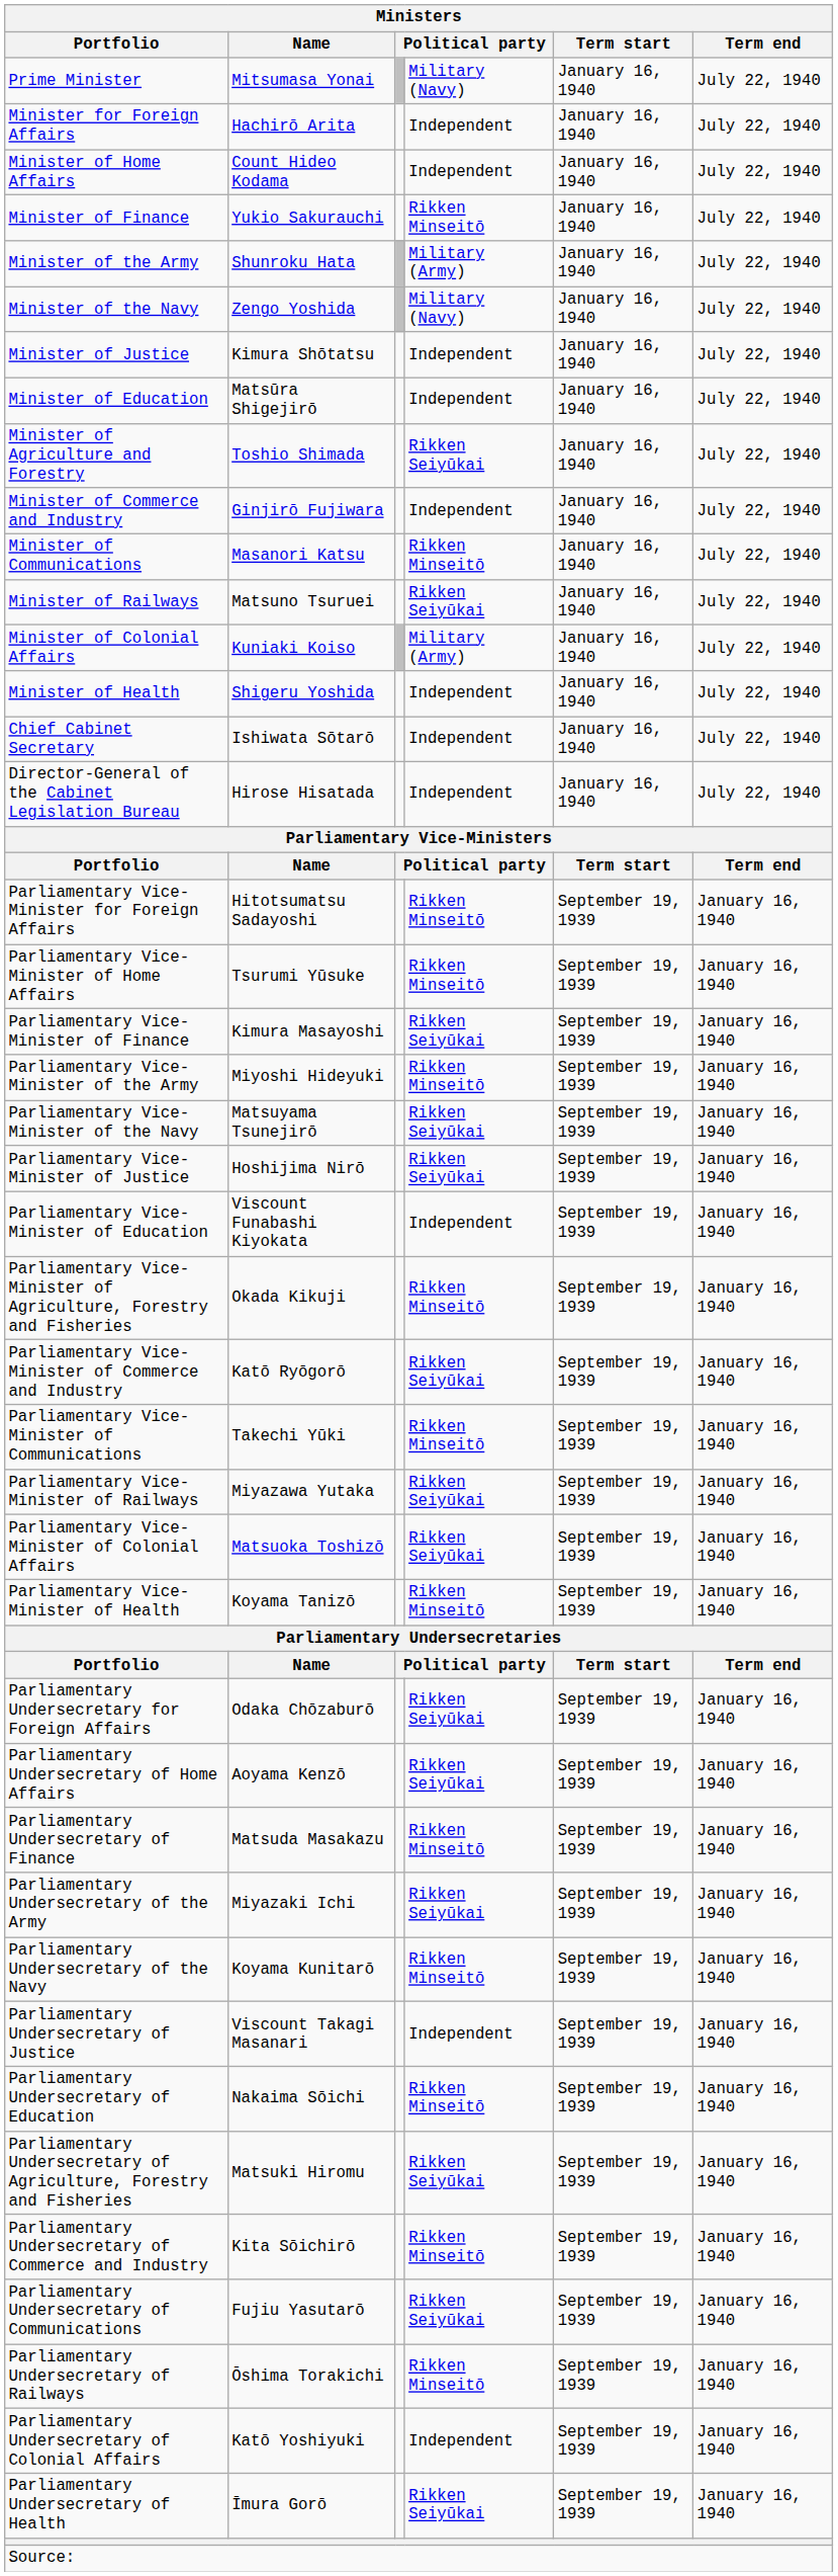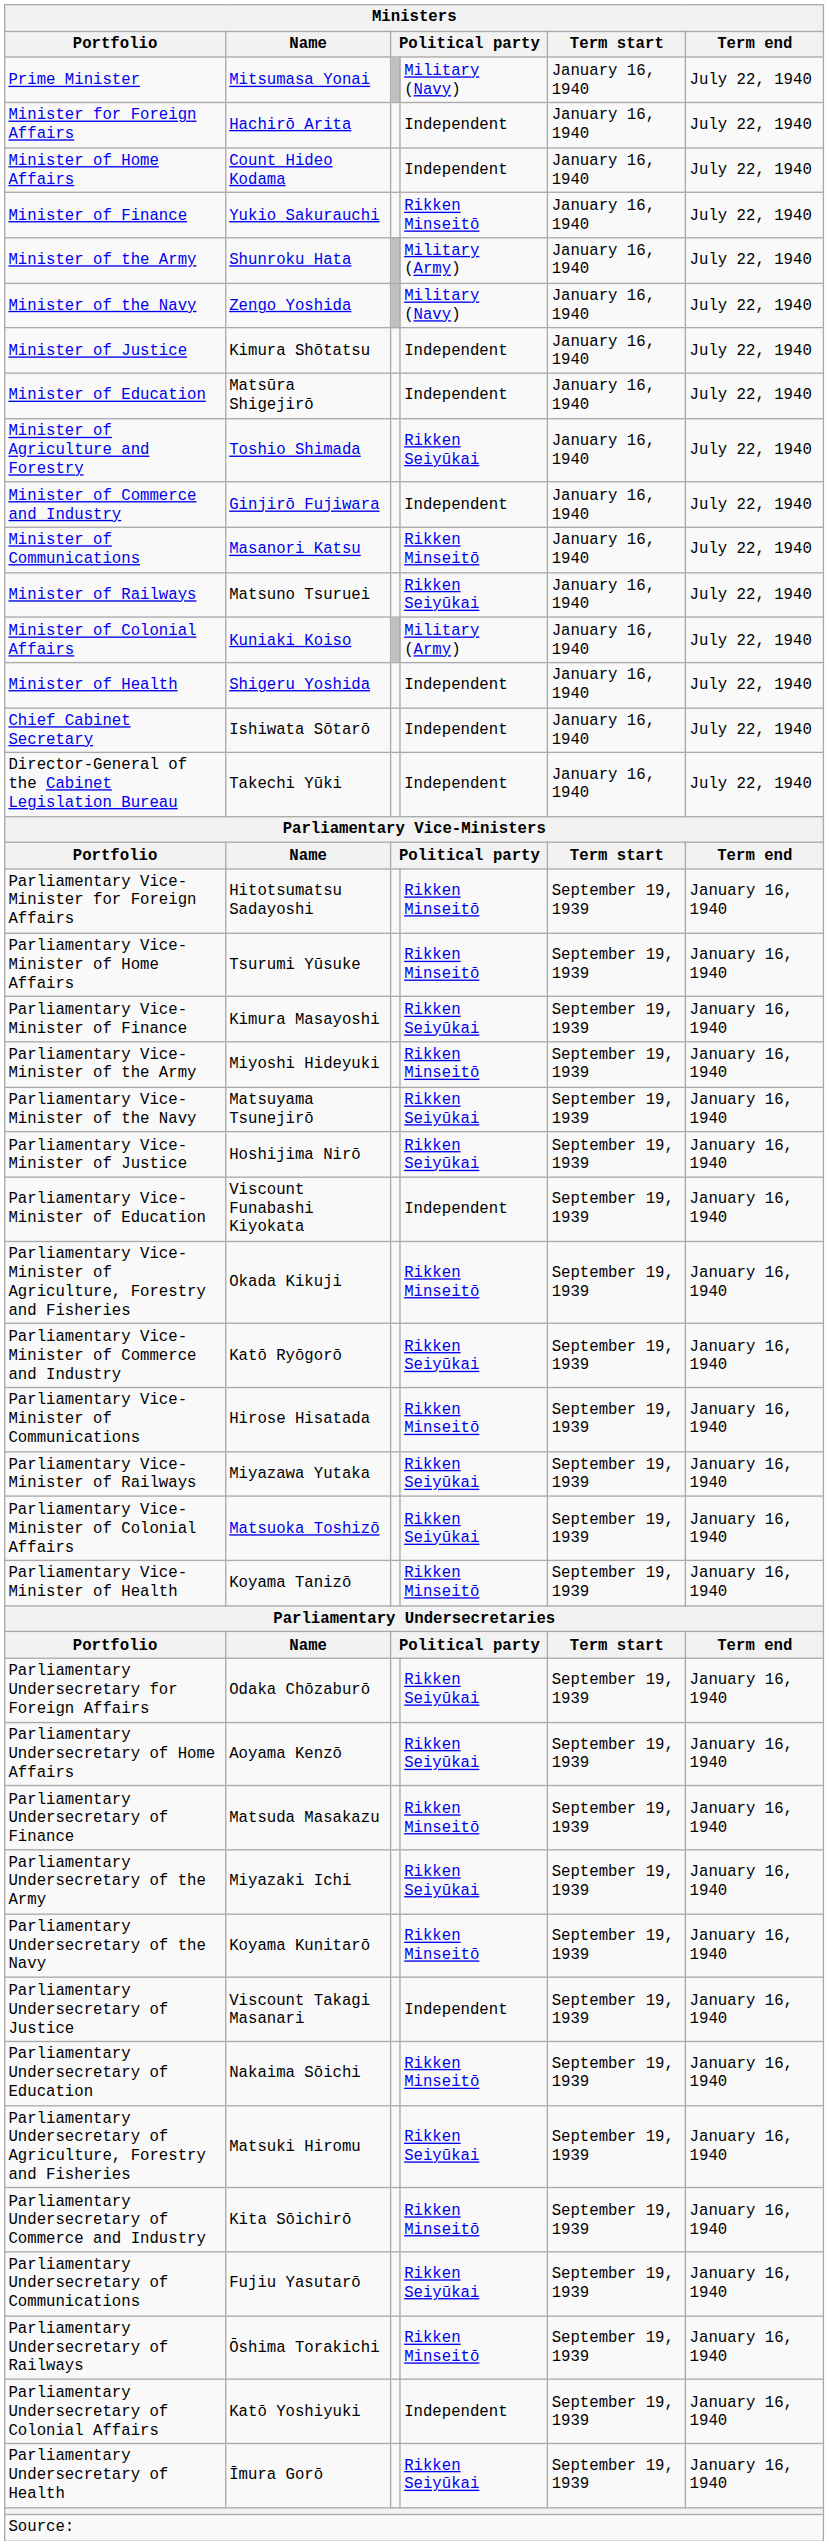 <table class="wikitable" style="font-size: 90%;">
 <tr>
 <th colspan="6">Ministers</th>
 </tr>
 <tr>
 <th scope="col" width="20%">Portfolio</th>
 <th scope="col" width="15%">Name</th>
 <th colspan="2" scope="col" width="13.5%">Political party</th>
 <th scope="col" width="12.5%">Term start</th>
 <th scope="col" width="12.5%">Term end</th>
 </tr>
 <tr>
 <td style="text-align: left;"><a href='#'>Prime Minister</a></td>
 <td><a href='#'>Mitsumasa Yonai</a></td>
 <td style="color:inherit;background:#bfbfbf"></td>
 <td><a href='#'>Military</a> (<a href='#'>Navy</a>)</td>
 <td>January 16, 1940</td>
 <td>July 22, 1940</td>
 </tr>
 <tr>
 <td><a href='#'>Minister for Foreign Affairs</a></td>
 <td><a href='#'>Hachirō Arita</a></td>
 <td style="color:inherit;background:"></td>
 <td>Independent</td>
 <td>January 16, 1940</td>
 <td>July 22, 1940</td>
 </tr>
 <tr>
 <td><a href='#'>Minister of Home Affairs</a></td>
 <td><a href='#'>Count Hideo Kodama</a></td>
 <td style="color:inherit;background:"></td>
 <td>Independent</td>
 <td>January 16, 1940</td>
 <td>July 22, 1940</td>
 </tr>
 <tr>
 <td><a href='#'>Minister of Finance</a></td>
 <td><a href='#'>Yukio Sakurauchi</a></td>
 <td style="color:inherit;background:"></td>
 <td><a href='#'>Rikken Minseitō</a></td>
 <td>January 16, 1940</td>
 <td>July 22, 1940</td>
 </tr>
 <tr>
 <td><a href='#'>Minister of the Army</a></td>
 <td><a href='#'>Shunroku Hata</a></td>
 <td style="color:inherit;background:#bfbfbf"></td>
 <td><a href='#'>Military</a> (<a href='#'>Army</a>)</td>
 <td>January 16, 1940</td>
 <td>July 22, 1940</td>
 </tr>
 <tr>
 <td><a href='#'>Minister of the Navy</a></td>
 <td><a href='#'>Zengo Yoshida</a></td>
 <td style="color:inherit;background:#bfbfbf"></td>
 <td><a href='#'>Military</a> (<a href='#'>Navy</a>)</td>
 <td>January 16, 1940</td>
 <td>July 22, 1940</td>
 </tr>
 <tr>
 <td><a href='#'>Minister of Justice</a></td>
 <td>Kimura Shōtatsu</td>
 <td style="color:inherit;background:"></td>
 <td>Independent</td>
 <td>January 16, 1940</td>
 <td>July 22, 1940</td>
 </tr>
 <tr>
 <td><a href='#'>Minister of Education</a></td>
 <td>Matsūra Shigejirō</td>
 <td style="color:inherit;background:"></td>
 <td>Independent</td>
 <td>January 16, 1940</td>
 <td>July 22, 1940</td>
 </tr>
 <tr>
 <td><a href='#'>Minister of Agriculture and Forestry</a></td>
 <td><a href='#'>Toshio Shimada</a></td>
 <td style="color:inherit;background:"></td>
 <td><a href='#'>Rikken Seiyūkai</a></td>
 <td>January 16, 1940</td>
 <td>July 22, 1940</td>
 </tr>
 <tr>
 <td><a href='#'>Minister of Commerce and Industry</a></td>
 <td><a href='#'>Ginjirō Fujiwara</a></td>
 <td style="color:inherit;background:"></td>
 <td>Independent</td>
 <td>January 16, 1940</td>
 <td>July 22, 1940</td>
 </tr>
 <tr>
 <td><a href='#'>Minister of Communications</a></td>
 <td><a href='#'>Masanori Katsu</a></td>
 <td style="color:inherit;background:"></td>
 <td><a href='#'>Rikken Minseitō</a></td>
 <td>January 16, 1940</td>
 <td>July 22, 1940</td>
 </tr>
 <tr>
 <td><a href='#'>Minister of Railways</a></td>
 <td>Matsuno Tsuruei</td>
 <td style="color:inherit;background:"></td>
 <td><a href='#'>Rikken Seiyūkai</a></td>
 <td>January 16, 1940</td>
 <td>July 22, 1940</td>
 </tr>
 <tr>
 <td><a href='#'>Minister of Colonial Affairs</a></td>
 <td><a href='#'>Kuniaki Koiso</a></td>
 <td style="color:inherit;background:#bfbfbf"></td>
 <td><a href='#'>Military</a> (<a href='#'>Army</a>)</td>
 <td>January 16, 1940</td>
 <td>July 22, 1940</td>
 </tr>
 <tr>
 <td><a href='#'>Minister of Health</a></td>
 <td><a href='#'>Shigeru Yoshida</a></td>
 <td style="color:inherit;background:"></td>
 <td>Independent</td>
 <td>January 16, 1940</td>
 <td>July 22, 1940</td>
 </tr>
 <tr>
 <td><a href='#'>Chief Cabinet Secretary</a></td>
 <td>Ishiwata Sōtarō</td>
 <td style="color:inherit;background:"></td>
 <td>Independent</td>
 <td>January 16, 1940</td>
 <td>July 22, 1940</td>
 </tr>
 <tr>
 <td>Director-General of the <a href='#'>Cabinet Legislation Bureau</a></td>
-<td>Hirose Hisatada</td>
+<td>Takechi Yūki</td>
 <td style="color:inherit;background:"></td>
 <td>Independent</td>
 <td>January 16, 1940</td>
 <td>July 22, 1940</td>
 </tr>
 <tr>
 <th colspan="6">Parliamentary Vice-Ministers</th>
 </tr>
 <tr>
 <th>Portfolio</th>
 <th>Name</th>
 <th colspan="2">Political party</th>
 <th>Term start</th>
 <th>Term end</th>
 </tr>
 <tr>
 <td>Parliamentary Vice-Minister for Foreign Affairs</td>
 <td>Hitotsumatsu Sadayoshi</td>
 <td style="color:inherit;background:"></td>
 <td><a href='#'>Rikken Minseitō</a></td>
 <td>September 19, 1939</td>
 <td>January 16, 1940</td>
 </tr>
 <tr>
 <td>Parliamentary Vice-Minister of Home Affairs</td>
 <td>Tsurumi Yūsuke</td>
 <td style="color:inherit;background:"></td>
 <td><a href='#'>Rikken Minseitō</a></td>
 <td>September 19, 1939</td>
 <td>January 16, 1940</td>
 </tr>
 <tr>
 <td>Parliamentary Vice-Minister of Finance</td>
 <td>Kimura Masayoshi</td>
 <td style="color:inherit;background:"></td>
 <td><a href='#'>Rikken Seiyūkai</a></td>
 <td>September 19, 1939</td>
 <td>January 16, 1940</td>
 </tr>
 <tr>
 <td>Parliamentary Vice-Minister of the Army</td>
 <td>Miyoshi Hideyuki</td>
 <td style="color:inherit;background:"></td>
 <td><a href='#'>Rikken Minseitō</a></td>
 <td>September 19, 1939</td>
 <td>January 16, 1940</td>
 </tr>
 <tr>
 <td>Parliamentary Vice-Minister of the Navy</td>
 <td>Matsuyama Tsunejirō</td>
 <td style="color:inherit;background:"></td>
 <td><a href='#'>Rikken Seiyūkai</a></td>
 <td>September 19, 1939</td>
 <td>January 16, 1940</td>
 </tr>
 <tr>
 <td>Parliamentary Vice-Minister of Justice</td>
 <td>Hoshijima Nirō</td>
 <td style="color:inherit;background:"></td>
 <td><a href='#'>Rikken Seiyūkai</a></td>
 <td>September 19, 1939</td>
 <td>January 16, 1940</td>
 </tr>
 <tr>
 <td>Parliamentary Vice-Minister of Education</td>
 <td>Viscount Funabashi Kiyokata</td>
 <td style="color:inherit;background:"></td>
 <td>Independent</td>
 <td>September 19, 1939</td>
 <td>January 16, 1940</td>
 </tr>
 <tr>
 <td>Parliamentary Vice-Minister of Agriculture, Forestry and Fisheries</td>
 <td>Okada Kikuji</td>
 <td style="color:inherit;background:"></td>
 <td><a href='#'>Rikken Minseitō</a></td>
 <td>September 19, 1939</td>
 <td>January 16, 1940</td>
 </tr>
 <tr>
 <td>Parliamentary Vice-Minister of Commerce and Industry</td>
 <td>Katō Ryōgorō</td>
 <td style="color:inherit;background:"></td>
 <td><a href='#'>Rikken Seiyūkai</a></td>
 <td>September 19, 1939</td>
 <td>January 16, 1940</td>
 </tr>
 <tr>
 <td>Parliamentary Vice-Minister of Communications</td>
-<td>Takechi Yūki</td>
+<td>Hirose Hisatada</td>
 <td style="color:inherit;background:"></td>
 <td><a href='#'>Rikken Minseitō</a></td>
 <td>September 19, 1939</td>
 <td>January 16, 1940</td>
 </tr>
 <tr>
 <td>Parliamentary Vice-Minister of Railways</td>
 <td>Miyazawa Yutaka</td>
 <td style="color:inherit;background:"></td>
 <td><a href='#'>Rikken Seiyūkai</a></td>
 <td>September 19, 1939</td>
 <td>January 16, 1940</td>
 </tr>
 <tr>
 <td>Parliamentary Vice-Minister of Colonial Affairs</td>
 <td><a href='#'>Matsuoka Toshizō</a></td>
 <td style="color:inherit;background:"></td>
 <td><a href='#'>Rikken Seiyūkai</a></td>
 <td>September 19, 1939</td>
 <td>January 16, 1940</td>
 </tr>
 <tr>
 <td>Parliamentary Vice-Minister of Health</td>
 <td>Koyama Tanizō</td>
 <td style="color:inherit;background:"></td>
 <td><a href='#'>Rikken Minseitō</a></td>
 <td>September 19, 1939</td>
 <td>January 16, 1940</td>
 </tr>
 <tr>
 <th colspan="6">Parliamentary Undersecretaries</th>
 </tr>
 <tr>
 <th>Portfolio</th>
 <th>Name</th>
 <th colspan="2">Political party</th>
 <th>Term start</th>
 <th>Term end</th>
 </tr>
 <tr>
 <td>Parliamentary Undersecretary for Foreign Affairs</td>
 <td>Odaka Chōzaburō</td>
 <td style="color:inherit;background:"></td>
 <td><a href='#'>Rikken Seiyūkai</a></td>
 <td>September 19, 1939</td>
 <td>January 16, 1940</td>
 </tr>
 <tr>
 <td>Parliamentary Undersecretary of Home Affairs</td>
 <td>Aoyama Kenzō</td>
 <td style="color:inherit;background:"></td>
 <td><a href='#'>Rikken Seiyūkai</a></td>
 <td>September 19, 1939</td>
 <td>January 16, 1940</td>
 </tr>
 <tr>
 <td>Parliamentary Undersecretary of Finance</td>
 <td>Matsuda Masakazu</td>
 <td style="color:inherit;background:"></td>
 <td><a href='#'>Rikken Minseitō</a></td>
 <td>September 19, 1939</td>
 <td>January 16, 1940</td>
 </tr>
 <tr>
 <td>Parliamentary Undersecretary of the Army</td>
 <td>Miyazaki Ichi</td>
 <td style="color:inherit;background:"></td>
 <td><a href='#'>Rikken Seiyūkai</a></td>
 <td>September 19, 1939</td>
 <td>January 16, 1940</td>
 </tr>
 <tr>
 <td>Parliamentary Undersecretary of the Navy</td>
 <td>Koyama Kunitarō</td>
 <td style="color:inherit;background:"></td>
 <td><a href='#'>Rikken Minseitō</a></td>
 <td>September 19, 1939</td>
 <td>January 16, 1940</td>
 </tr>
 <tr>
 <td>Parliamentary Undersecretary of Justice</td>
 <td>Viscount Takagi Masanari</td>
 <td style="color:inherit;background:"></td>
 <td>Independent</td>
 <td>September 19, 1939</td>
 <td>January 16, 1940</td>
 </tr>
 <tr>
 <td>Parliamentary Undersecretary of Education</td>
 <td>Nakaima Sōichi</td>
 <td style="color:inherit;background:"></td>
 <td><a href='#'>Rikken Minseitō</a></td>
 <td>September 19, 1939</td>
 <td>January 16, 1940</td>
 </tr>
 <tr>
 <td>Parliamentary Undersecretary of Agriculture, Forestry and Fisheries</td>
 <td>Matsuki Hiromu</td>
 <td style="color:inherit;background:"></td>
 <td><a href='#'>Rikken Seiyūkai</a></td>
 <td>September 19, 1939</td>
 <td>January 16, 1940</td>
 </tr>
 <tr>
 <td>Parliamentary Undersecretary of Commerce and Industry</td>
 <td>Kita Sōichirō</td>
 <td style="color:inherit;background:"></td>
 <td><a href='#'>Rikken Minseitō</a></td>
 <td>September 19, 1939</td>
 <td>January 16, 1940</td>
 </tr>
 <tr>
 <td>Parliamentary Undersecretary of Communications</td>
 <td>Fujiu Yasutarō</td>
 <td style="color:inherit;background:"></td>
 <td><a href='#'>Rikken Seiyūkai</a></td>
 <td>September 19, 1939</td>
 <td>January 16, 1940</td>
 </tr>
 <tr>
 <td>Parliamentary Undersecretary of Railways</td>
 <td>Ōshima Torakichi</td>
 <td style="color:inherit;background:"></td>
 <td><a href='#'>Rikken Minseitō</a></td>
 <td>September 19, 1939</td>
 <td>January 16, 1940</td>
 </tr>
 <tr>
 <td>Parliamentary Undersecretary of Colonial Affairs</td>
 <td>Katō Yoshiyuki</td>
 <td style="color:inherit;background:"></td>
 <td>Independent</td>
 <td>September 19, 1939</td>
 <td>January 16, 1940</td>
 </tr>
 <tr>
 <td>Parliamentary Undersecretary of Health</td>
 <td>Īmura Gorō</td>
 <td style="color:inherit;background:"></td>
 <td><a href='#'>Rikken Seiyūkai</a></td>
 <td>September 19, 1939</td>
 <td>January 16, 1940</td>
 </tr>
 <tr>
 <th colspan="6"></th>
 </tr>
 <tr>
 <td colspan="6">Source:</td>
 </tr>
 </table>
